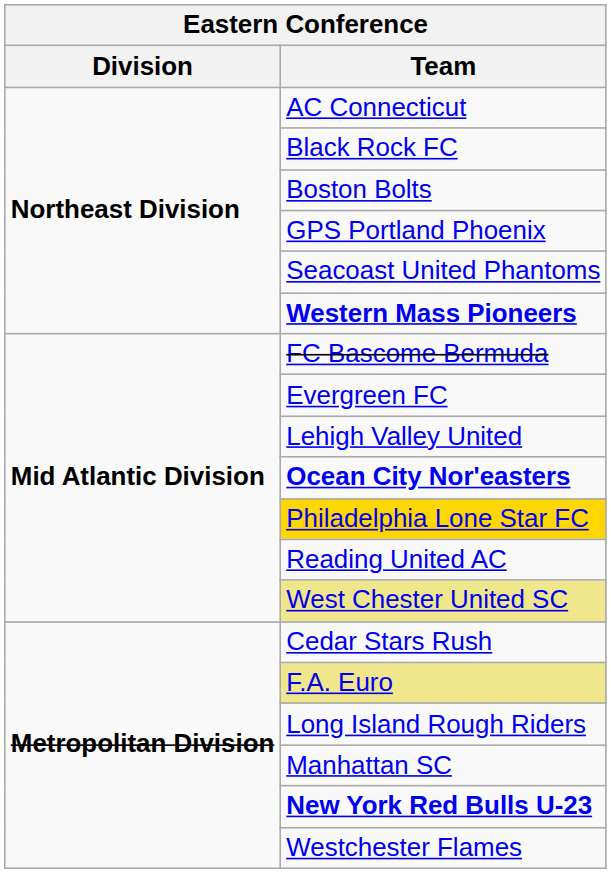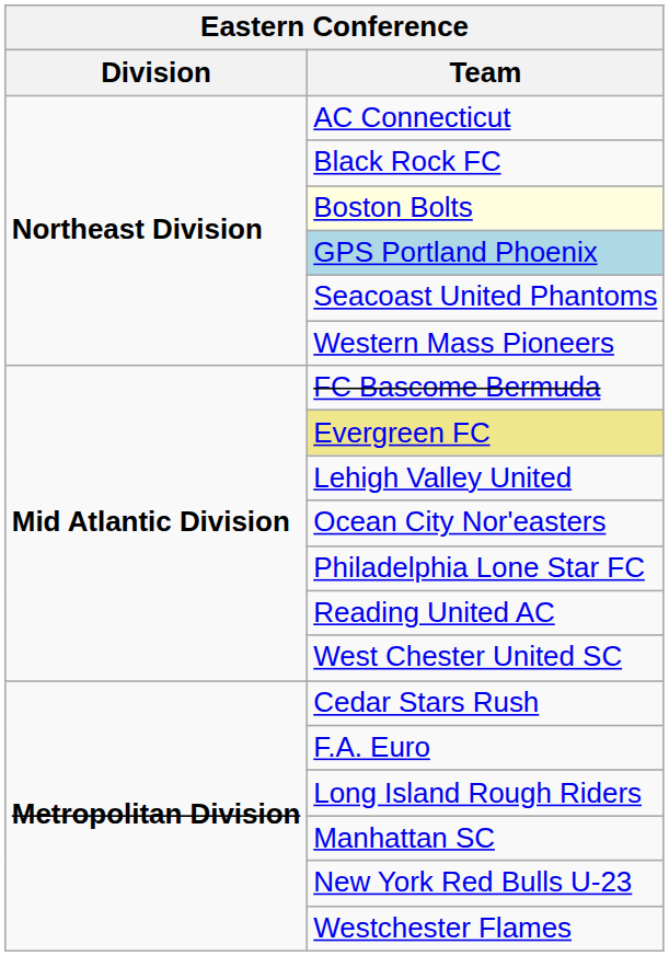 <table class="wikitable" style="text-align:left">
 <tr>
 <th colspan=3>Eastern Conference</th>
 </tr>
 <tr>
 <th>Division</th>
 <th>Team</th>
 </tr>
 <tr>
 <td rowspan=6><strong>Northeast Division</strong></td>
 <td><a href='#'>AC Connecticut</a></td>
 </tr>
 <tr>
 <td><a href='#'>Black Rock FC</a></td>
 </tr>
 <tr>
-<td><a href='#'>Boston Bolts</a></td>
+<td style="background: lightyellow;"><a href='#'>Boston Bolts</a></td>
 </tr>
 <tr>
-<td><a href='#'>GPS Portland Phoenix</a></td>
+<td style="background: lightblue;"><a href='#'>GPS Portland Phoenix</a></td>
 </tr>
 <tr>
 <td><a href='#'>Seacoast United Phantoms</a></td>
 </tr>
 <tr>
-<td><strong><a href='#'>Western Mass Pioneers</a></strong></td>
+<td><a href='#'>Western Mass Pioneers</a></td>
 </tr>
 <tr>
 <td rowspan=7><strong>Mid Atlantic Division</strong></td>
 <td><s><a href='#'>FC Bascome Bermuda</a></s></td>
 </tr>
 <tr>
-<td><a href='#'>Evergreen FC</a></td>
+<td style="background: khaki;"><a href='#'>Evergreen FC</a></td>
 </tr>
 <tr>
 <td><a href='#'>Lehigh Valley United</a></td>
 </tr>
 <tr>
-<td><strong><a href='#'>Ocean City Nor'easters</a></strong></td>
+<td><a href='#'>Ocean City Nor'easters</a></td>
 </tr>
 <tr>
-<td style="background: gold;"><a href='#'>Philadelphia Lone Star FC</a></td>
+<td><a href='#'>Philadelphia Lone Star FC</a></td>
 </tr>
 <tr>
 <td><a href='#'>Reading United AC</a></td>
 </tr>
 <tr>
-<td style="background: khaki;"><a href='#'>West Chester United SC</a></td>
+<td><a href='#'>West Chester United SC</a></td>
 </tr>
 <tr>
 <td rowspan=6><s><strong>Metropolitan Division</strong></s></td>
 <td><a href='#'>Cedar Stars Rush</a></td>
 </tr>
 <tr>
-<td style="background: khaki;"><a href='#'>F.A. Euro</a></td>
+<td><a href='#'>F.A. Euro</a></td>
 </tr>
 <tr>
 <td><a href='#'>Long Island Rough Riders</a></td>
 </tr>
 <tr>
 <td><a href='#'>Manhattan SC</a></td>
 </tr>
 <tr>
-<td><strong><a href='#'>New York Red Bulls U-23</a></strong></td>
+<td><a href='#'>New York Red Bulls U-23</a></td>
 </tr>
 <tr>
 <td><a href='#'>Westchester Flames</a></td>
 </tr>
 </table>
